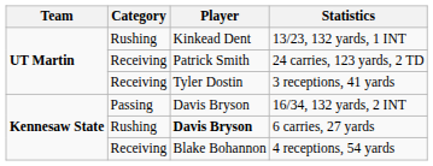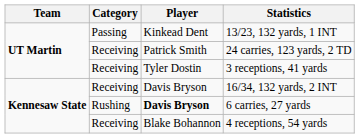 <table class="wikitable" style="float: right;">
 <tr>
 <th>Team</th>
 <th>Category</th>
 <th>Player</th>
 <th>Statistics</th>
 </tr>
 <tr>
 <td rowspan=3><strong>UT Martin</strong></td>
-<td>Rushing</td>
+<td>Passing</td>
 <td>Kinkead Dent</td>
 <td>13/23, 132 yards, 1 INT</td>
 </tr>
 <tr>
 <td>Receiving</td>
 <td>Patrick Smith</td>
 <td>24 carries, 123 yards, 2 TD</td>
 </tr>
 <tr>
 <td>Receiving</td>
 <td>Tyler Dostin</td>
 <td>3 receptions, 41 yards</td>
 </tr>
 <tr>
 <td rowspan=3><strong>Kennesaw State</strong></td>
-<td>Passing</td>
+<td>Receiving</td>
 <td>Davis Bryson</td>
 <td>16/34, 132 yards, 2 INT</td>
 </tr>
 <tr>
 <td>Rushing</td>
 <td><strong>Davis Bryson</strong></td>
 <td>6 carries, 27 yards</td>
 </tr>
 <tr>
 <td>Receiving</td>
 <td>Blake Bohannon</td>
 <td>4 receptions, 54 yards</td>
 </tr>
 </table>
